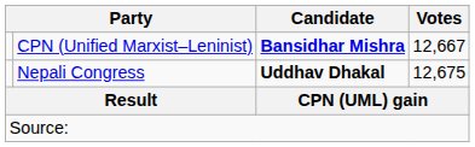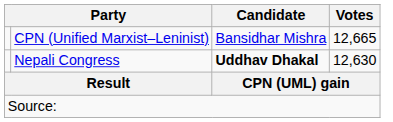 <table class="wikitable">
 <tr>
 <th colspan="2">Party</th>
 <th>Candidate</th>
 <th>Votes</th>
 </tr>
 <tr>
 <td style="background-color:"></td>
 <td><a href='#'>CPN (Unified Marxist–Leninist)</a></td>
-<td><strong><a href='#'>Bansidhar Mishra</a></strong></td>
-<td>12,667</td>
+<td><a href='#'>Bansidhar Mishra</a></td>
+<td>12,665</td>
 </tr>
 <tr>
 <td style="background-color:"></td>
 <td><a href='#'>Nepali Congress</a></td>
 <td><strong>Uddhav Dhakal</strong></td>
-<td>12,675</td>
+<td>12,630</td>
 </tr>
 <tr>
 <th colspan="2">Result</th>
 <th colspan="2">CPN (UML) gain</th>
 </tr>
 <tr>
 <td colspan="4">Source: </td>
 </tr>
 </table>
